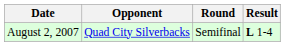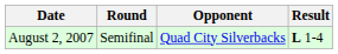 <table class="wikitable">
 <tr>
 <th>Date</th>
+<th>Round</th>
 <th>Opponent</th>
-<th>Round</th>
 <th>Result</th>
 </tr>
 <tr style="background: #ddffdd;">
 <td>August 2, 2007</td>
+<td>Semifinal</td>
 <td><a href='#'>Quad City Silverbacks</a></td>
-<td>Semifinal</td>
 <td><strong>L</strong> 1-4</td>
 </tr>
 </table>
